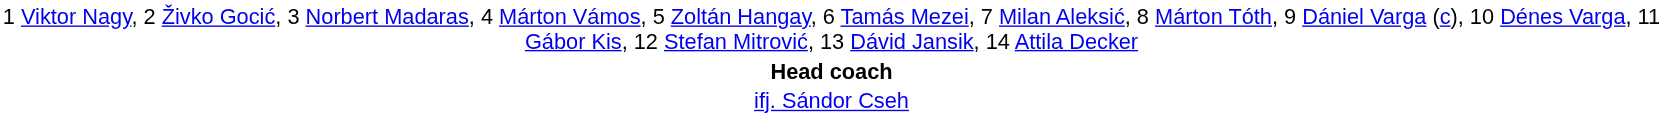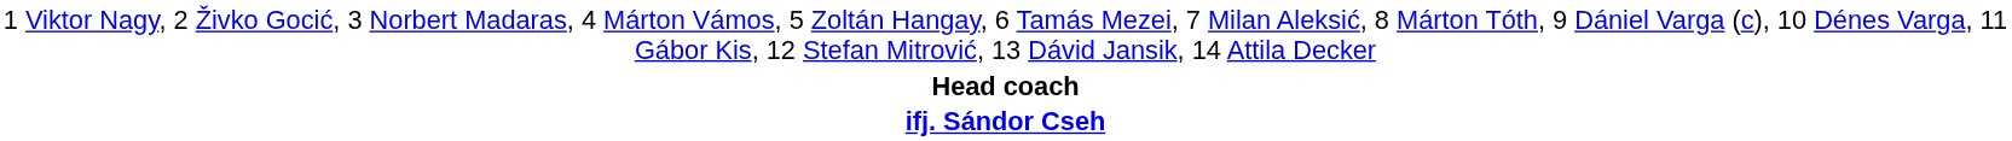 <table style="text-align: center; margin-top: 2em; margin-left: auto; margin-right: auto">
 <tr>
 <td>1 <a href='#'>Viktor Nagy</a>, 2 <a href='#'>Živko Gocić</a>, 3 <a href='#'>Norbert Madaras</a>, 4 <a href='#'>Márton Vámos</a>, 5 <a href='#'>Zoltán Hangay</a>, 6 <a href='#'>Tamás Mezei</a>, 7 <a href='#'>Milan Aleksić</a>, 8 <a href='#'>Márton Tóth</a>, 9 <a href='#'>Dániel Varga</a> (<a href='#'>c</a>), 10 <a href='#'>Dénes Varga</a>, 11 <a href='#'>Gábor Kis</a>, 12 <a href='#'>Stefan Mitrović</a>, 13 <a href='#'>Dávid Jansik</a>, 14 <a href='#'>Attila Decker</a></td>
 </tr>
 <tr>
 <td><strong>Head coach</strong></td>
 </tr>
 <tr>
-<td><a href='#'>ifj. Sándor Cseh</a></td>
+<td><strong><a href='#'>ifj. Sándor Cseh</a></strong></td>
 </tr>
 </table>
